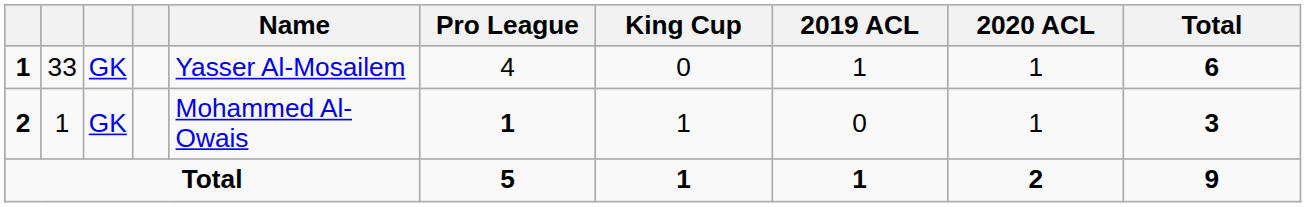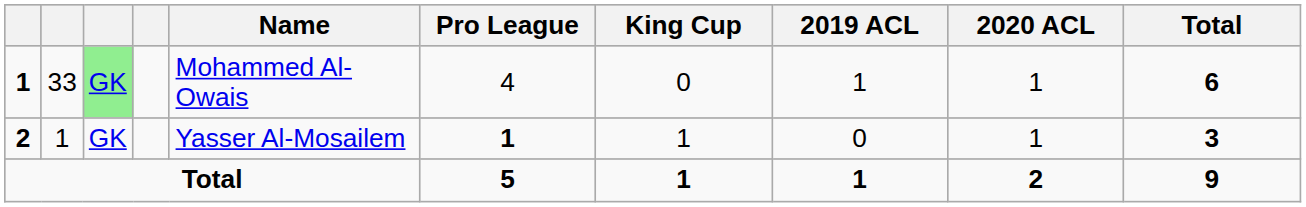 <table class="wikitable" style="text-align:center">
 <tr>
 <th width=15></th>
 <th width=15></th>
 <th width=15></th>
 <th width=15></th>
 <th width=145>Name</th>
 <th width=100>Pro League</th>
 <th width=100>King Cup</th>
 <th width=100>2019 ACL</th>
 <th width=100>2020 ACL</th>
 <th width=100>Total</th>
 </tr>
 <tr>
 <td><strong>1</strong></td>
 <td>33</td>
-<td><a href='#'>GK</a></td>
+<td style="background: lightgreen;"><a href='#'>GK</a></td>
 <td></td>
-<td align=left><a href='#'>Yasser Al-Mosailem</a></td>
+<td align=left><a href='#'>Mohammed Al-Owais</a></td>
 <td>4</td>
 <td>0</td>
 <td>1</td>
 <td>1</td>
 <td><strong>6</strong></td>
 </tr>
 <tr>
 <td><strong>2</strong></td>
 <td>1</td>
 <td><a href='#'>GK</a></td>
 <td></td>
-<td align=left><a href='#'>Mohammed Al-Owais</a></td>
+<td align=left><a href='#'>Yasser Al-Mosailem</a></td>
 <td><strong>1</strong></td>
 <td>1</td>
 <td>0</td>
 <td>1</td>
 <td><strong>3</strong></td>
 </tr>
 <tr>
 <td colspan=5><strong>Total</strong></td>
 <td><strong>5</strong></td>
 <td><strong>1</strong></td>
 <td><strong>1</strong></td>
 <td><strong>2</strong></td>
 <td><strong>9</strong></td>
 </tr>
 </table>
